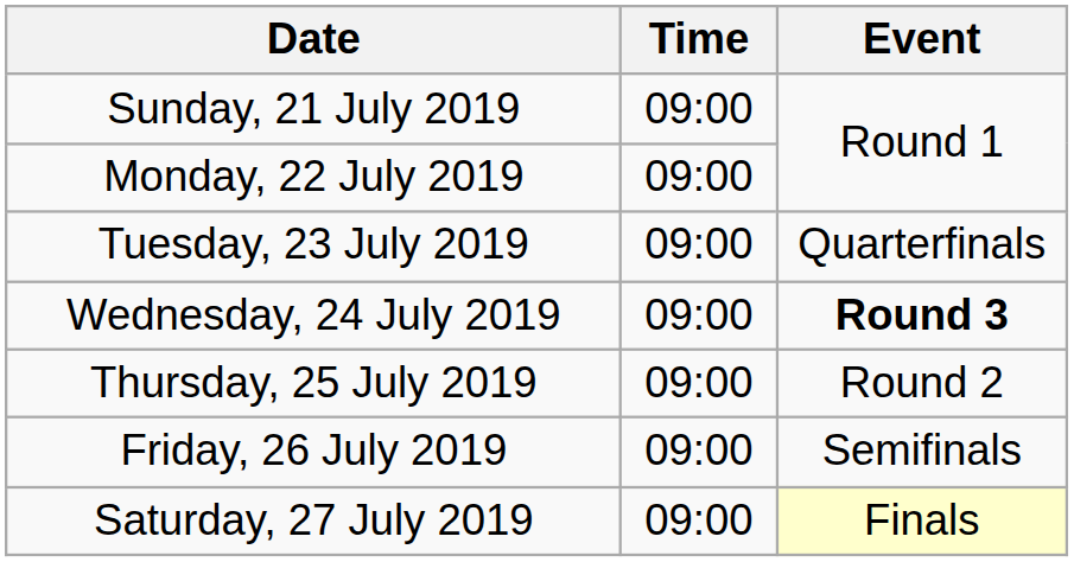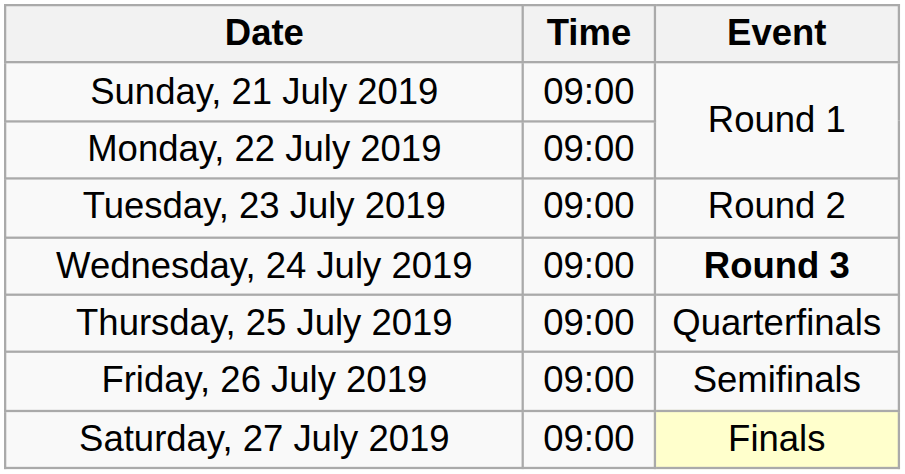 <table class = "wikitable" style="text-align:center;">
 <tr>
 <th width=220>Date</th>
 <th width=50>Time</th>
 <th width=100>Event</th>
 </tr>
 <tr>
 <td>Sunday, 21 July 2019</td>
 <td>09:00</td>
 <td rowspan=2>Round 1</td>
 </tr>
 <tr>
 <td>Monday, 22 July 2019</td>
 <td>09:00</td>
 </tr>
 <tr>
 <td>Tuesday, 23 July 2019</td>
 <td>09:00</td>
-<td>Quarterfinals</td>
+<td>Round 2</td>
 </tr>
 <tr>
 <td>Wednesday, 24 July 2019</td>
 <td>09:00</td>
 <td><strong>Round 3</strong></td>
 </tr>
 <tr>
 <td>Thursday, 25 July 2019</td>
 <td>09:00</td>
-<td>Round 2</td>
+<td>Quarterfinals</td>
 </tr>
 <tr>
 <td>Friday, 26 July 2019</td>
 <td>09:00</td>
 <td>Semifinals</td>
 </tr>
 <tr>
 <td>Saturday, 27 July 2019</td>
 <td>09:00</td>
 <td bgcolor=ffffcc>Finals</td>
 </tr>
 </table>
